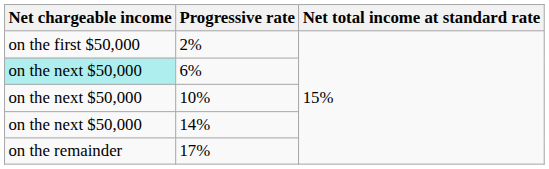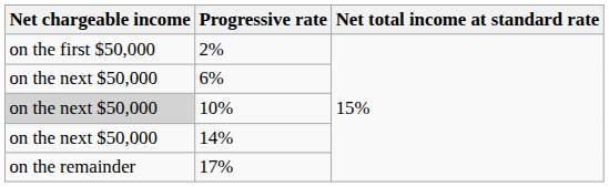 <table class="wikitable">
 <tr>
 <th>Net chargeable income</th>
 <th>Progressive rate</th>
 <th>Net total income at standard rate</th>
 </tr>
 <tr>
 <td>on the first $50,000</td>
 <td>2%</td>
 <td rowspan="5">15%</td>
 </tr>
 <tr>
-<td style="background: paleturquoise;">on the next $50,000</td>
+<td>on the next $50,000</td>
 <td>6%</td>
 </tr>
 <tr>
-<td>on the next $50,000</td>
+<td style="background: lightgrey;">on the next $50,000</td>
 <td>10%</td>
 </tr>
 <tr>
 <td>on the next $50,000</td>
 <td>14%</td>
 </tr>
 <tr>
 <td>on the remainder</td>
 <td>17%</td>
 </tr>
 </table>
